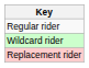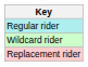 <table class="wikitable" style="font-size:85%;">
 <tr>
 <th>Key</th>
 </tr>
 <tr>
-<td>Regular rider</td>
+<td style="background: paleturquoise;">Regular rider</td>
 </tr>
 <tr>
 <td style="background:#ccffcc;">Wildcard rider</td>
 </tr>
 <tr>
 <td style="background:#ffcccc;">Replacement rider</td>
 </tr>
 </table>
